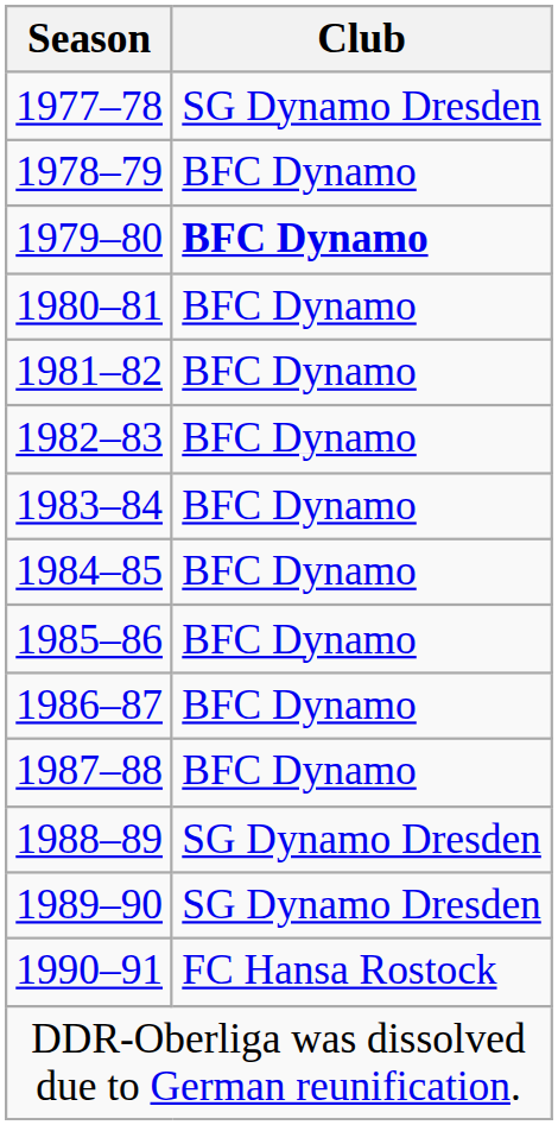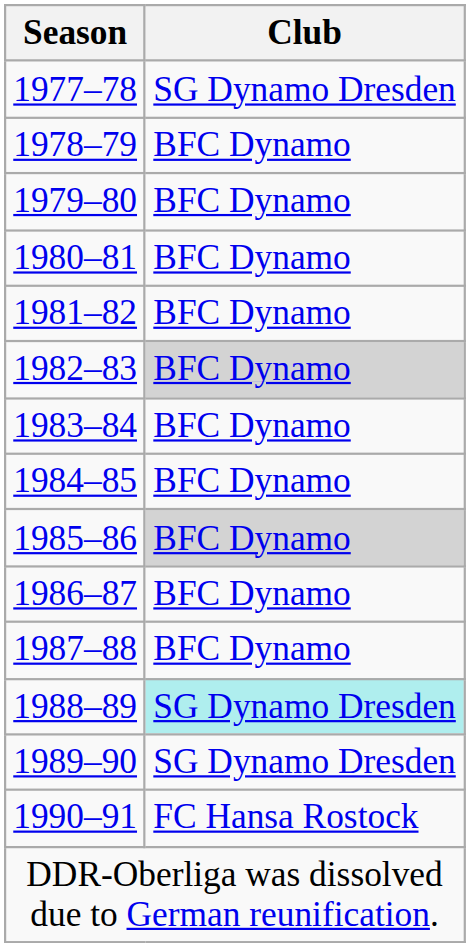 <table class="wikitable">
 <tr>
 <th>Season</th>
 <th>Club</th>
 </tr>
 <tr>
 <td><a href='#'>1977–78</a></td>
 <td><a href='#'>SG Dynamo Dresden</a></td>
 </tr>
 <tr>
 <td><a href='#'>1978–79</a></td>
 <td><a href='#'>BFC Dynamo</a></td>
 </tr>
 <tr>
 <td><a href='#'>1979–80</a></td>
-<td><strong><a href='#'>BFC Dynamo</a></strong></td>
+<td><a href='#'>BFC Dynamo</a></td>
 </tr>
 <tr>
 <td><a href='#'>1980–81</a></td>
 <td><a href='#'>BFC Dynamo</a></td>
 </tr>
 <tr>
 <td><a href='#'>1981–82</a></td>
 <td><a href='#'>BFC Dynamo</a></td>
 </tr>
 <tr>
 <td><a href='#'>1982–83</a></td>
-<td><a href='#'>BFC Dynamo</a></td>
+<td style="background: lightgrey;"><a href='#'>BFC Dynamo</a></td>
 </tr>
 <tr>
 <td><a href='#'>1983–84</a></td>
 <td><a href='#'>BFC Dynamo</a></td>
 </tr>
 <tr>
 <td><a href='#'>1984–85</a></td>
 <td><a href='#'>BFC Dynamo</a></td>
 </tr>
 <tr>
 <td><a href='#'>1985–86</a></td>
-<td><a href='#'>BFC Dynamo</a></td>
+<td style="background: lightgrey;"><a href='#'>BFC Dynamo</a></td>
 </tr>
 <tr>
 <td><a href='#'>1986–87</a></td>
 <td><a href='#'>BFC Dynamo</a></td>
 </tr>
 <tr>
 <td><a href='#'>1987–88</a></td>
 <td><a href='#'>BFC Dynamo</a></td>
 </tr>
 <tr>
 <td><a href='#'>1988–89</a></td>
-<td><a href='#'>SG Dynamo Dresden</a></td>
+<td style="background: paleturquoise;"><a href='#'>SG Dynamo Dresden</a></td>
 </tr>
 <tr>
 <td><a href='#'>1989–90</a></td>
 <td><a href='#'>SG Dynamo Dresden</a></td>
 </tr>
 <tr>
 <td><a href='#'>1990–91</a></td>
 <td><a href='#'>FC Hansa Rostock</a></td>
 </tr>
 <tr>
 <td colspan=2 style="text-align:center;">DDR-Oberliga was dissolved<br>due to <a href='#'>German reunification</a>.</td>
 </tr>
 </table>
